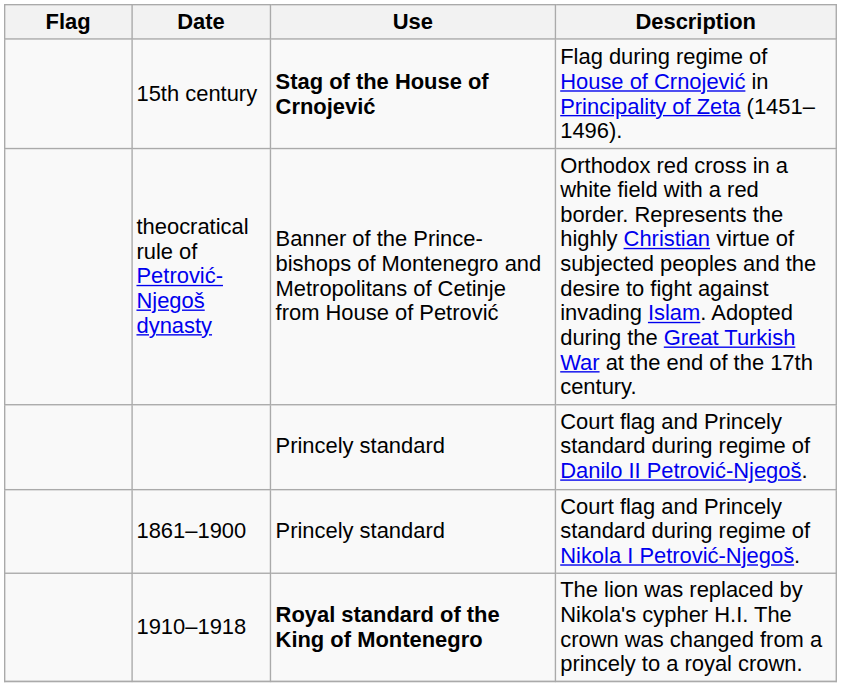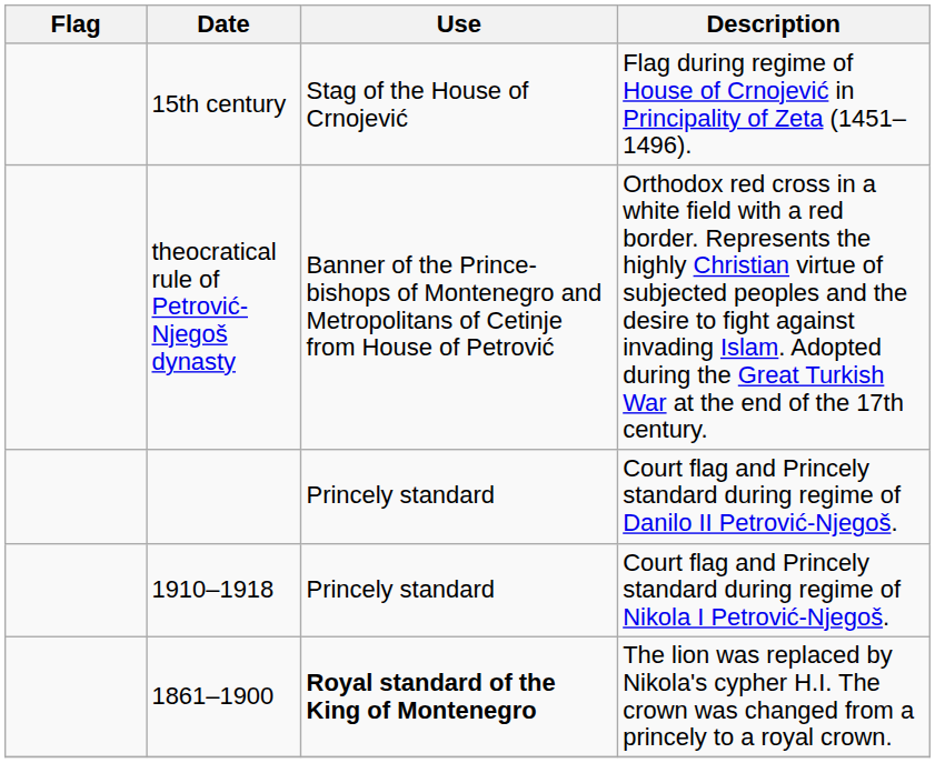 <table class="wikitable">
 <tr>
 <th style="width:110px;">Flag</th>
 <th style="width:100px;">Date</th>
 <th style="width:250px;">Use</th>
 <th style="width:250px;">Description</th>
 </tr>
 <tr>
 <td></td>
 <td>15th century</td>
-<td><strong>Stag of the House of Crnojević</strong></td>
+<td>Stag of the House of Crnojević</td>
 <td>Flag during regime of <a href='#'>House of Crnojević</a> in <a href='#'>Principality of Zeta</a> (1451–1496).</td>
 </tr>
 <tr>
 <td></td>
 <td>theocratical rule of <a href='#'>Petrović-Njegoš dynasty</a></td>
 <td>Banner of the Prince-bishops of Montenegro and Metropolitans of Cetinje from House of Petrović</td>
 <td>Orthodox red cross in a white field with a red border. Represents the highly <a href='#'>Christian</a> virtue of subjected peoples and the desire to fight against invading <a href='#'>Islam</a>. Adopted during the <a href='#'>Great Turkish War</a> at the end of the 17th century.</td>
 </tr>
 <tr>
 <td></td>
 <td></td>
 <td>Princely standard</td>
 <td>Court flag and Princely standard during regime of <a href='#'>Danilo II Petrović-Njegoš</a>.</td>
 </tr>
 <tr>
 <td></td>
-<td>1861–1900</td>
+<td>1910–1918</td>
 <td>Princely standard</td>
 <td>Court flag and Princely standard during regime of <a href='#'>Nikola I Petrović-Njegoš</a>.</td>
 </tr>
 <tr>
 <td></td>
-<td>1910–1918</td>
+<td>1861–1900</td>
 <td><strong>Royal standard of the King of Montenegro</strong></td>
 <td>The lion was replaced by Nikola's cypher H.I. The crown was changed from a princely to a royal crown.</td>
 </tr>
 <tr>
 </tr>
 </table>
